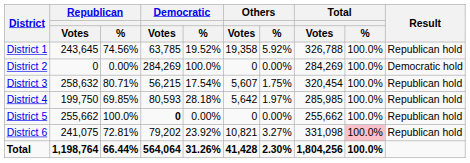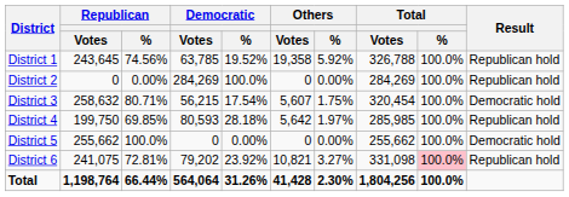 <table class="wikitable plainrowheaders sortable" style="font-size:100%; text-align:right;">
 <tr>
 <th scope=col rowspan=3><a href='#'>District</a></th>
 <th scope=col colspan=2><a href='#'>Republican</a></th>
 <th scope=col colspan=2><a href='#'>Democratic</a></th>
 <th scope=col colspan=2>Others</th>
 <th scope=col colspan=2>Total</th>
 <th scope=col rowspan=3>Result</th>
 </tr>
 <tr>
 <th scope=col colspan=2 style="background:"></th>
 <th scope=col colspan=2 style="background:"></th>
 <th scope=col colspan=2></th>
 <th scope=col colspan=2></th>
 </tr>
 <tr>
 <th scope=col data-sort-type="number">Votes</th>
 <th scope=col data-sort-type="number">%</th>
 <th scope=col data-sort-type="number">Votes</th>
 <th scope=col data-sort-type="number">%</th>
 <th scope=col data-sort-type="number">Votes</th>
 <th scope=col data-sort-type="number">%</th>
 <th scope=col data-sort-type="number">Votes</th>
 <th scope=col data-sort-type="number">%</th>
 </tr>
 <tr>
 <td align=left><a href='#'>District 1</a></td>
 <td>243,645</td>
 <td>74.56%</td>
 <td>63,785</td>
 <td>19.52%</td>
 <td>19,358</td>
 <td>5.92%</td>
 <td>326,788</td>
 <td>100.0%</td>
 <td align=left>Republican hold</td>
 </tr>
 <tr>
 <td align=left><a href='#'>District 2</a></td>
 <td>0</td>
 <td>0.00%</td>
 <td>284,269</td>
 <td>100.0%</td>
 <td>0</td>
 <td>0.00%</td>
 <td>284,269</td>
 <td>100.0%</td>
-<td align=left>Democratic hold</td>
+<td align=left>Republican hold</td>
 </tr>
 <tr>
 <td align=left><a href='#'>District 3</a></td>
 <td>258,632</td>
 <td>80.71%</td>
 <td>56,215</td>
 <td>17.54%</td>
 <td>5,607</td>
 <td>1.75%</td>
 <td>320,454</td>
 <td>100.0%</td>
-<td align=left>Republican hold</td>
+<td align=left>Democratic hold</td>
 </tr>
 <tr>
 <td align=left><a href='#'>District 4</a></td>
 <td>199,750</td>
 <td>69.85%</td>
 <td>80,593</td>
 <td>28.18%</td>
 <td>5,642</td>
 <td>1.97%</td>
 <td>285,985</td>
 <td>100.0%</td>
 <td align=left>Republican hold</td>
 </tr>
 <tr>
 <td align=left><a href='#'>District 5</a></td>
 <td>255,662</td>
 <td>100.0%</td>
-<td><strong>0</strong></td>
+<td>0</td>
 <td>0.00%</td>
 <td>0</td>
 <td>0.00%</td>
 <td>255,662</td>
 <td>100.0%</td>
-<td align=left>Republican hold</td>
+<td align=left>Democratic hold</td>
 </tr>
 <tr>
 <td align=left><a href='#'>District 6</a></td>
 <td>241,075</td>
 <td>72.81%</td>
 <td>79,202</td>
 <td>23.92%</td>
 <td>10,821</td>
 <td>3.27%</td>
 <td>331,098</td>
 <td style="background: pink;">100.0%</td>
 <td align=left>Republican hold</td>
 </tr>
 <tr class="sortbottom" style="font-weight:bold">
 <td align=left>Total</td>
 <td>1,198,764</td>
 <td>66.44%</td>
 <td>564,064</td>
 <td>31.26%</td>
 <td>41,428</td>
 <td>2.30%</td>
 <td>1,804,256</td>
 <td>100.0%</td>
 <td></td>
 </tr>
 </table>
